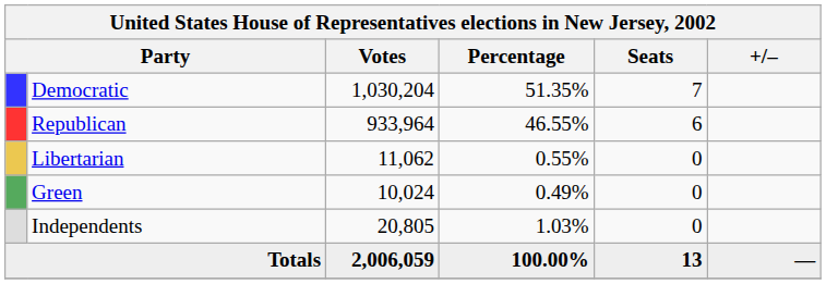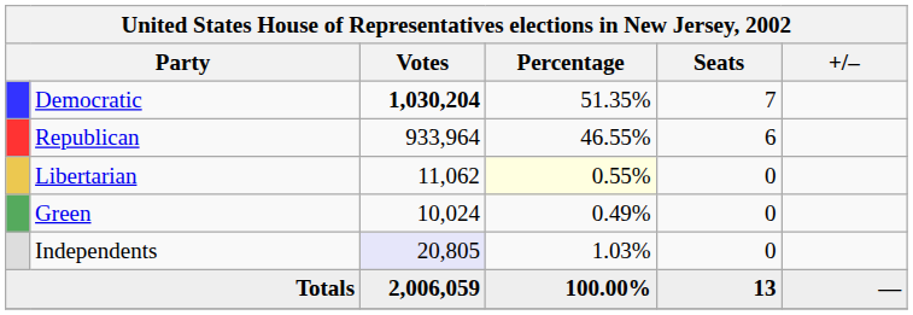 <table class="wikitable" style="font-size: 95%;">
 <tr>
 <th colspan="6">United States House of Representatives elections in New Jersey, 2002</th>
 </tr>
 <tr>
 <th colspan=2 style="width: 15em">Party</th>
 <th style="width: 5em">Votes</th>
 <th style="width: 7em">Percentage</th>
 <th style="width: 5em">Seats</th>
 <th style="width: 5em">+/–</th>
 </tr>
 <tr>
 <th style="background-color:#3333FF; width: 3px"></th>
 <td style="width: 130px"><a href='#'>Democratic</a></td>
-<td align="right">1,030,204</td>
+<td align="right"><strong>1,030,204</strong></td>
 <td align="right">51.35%</td>
 <td align="right">7</td>
 <td align="right"></td>
 </tr>
 <tr>
 <th style="background-color:#FF3333; width: 3px"></th>
 <td style="width: 130px"><a href='#'>Republican</a></td>
 <td align="right">933,964</td>
 <td align="right">46.55%</td>
 <td align="right">6</td>
 <td align="right"></td>
 </tr>
 <tr>
 <th style="background-color:#ecC850; width: 3px"></th>
 <td style="width: 130px"><a href='#'>Libertarian</a></td>
 <td align="right">11,062</td>
-<td align="right">0.55%</td>
+<td align="right" style="background: lightyellow;">0.55%</td>
 <td align="right">0</td>
 <td align="right"></td>
 </tr>
 <tr>
 <th style="background-color:#55AA5d; width: 3px"></th>
 <td style="width: 130px"><a href='#'>Green</a></td>
 <td align="right">10,024</td>
 <td align="right">0.49%</td>
 <td align="right">0</td>
 <td align="right"></td>
 </tr>
 <tr>
 <th style="background-color:#DDDDDD; width: 3px"></th>
 <td style="width: 130px">Independents</td>
-<td align="right">20,805</td>
+<td align="right" style="background: lavender;">20,805</td>
 <td align="right">1.03%</td>
 <td align="right">0</td>
 <td align="right"></td>
 </tr>
 <tr bgcolor="#EEEEEE">
 <td colspan="2" align="right"><strong>Totals</strong></td>
 <td align="right"><strong>2,006,059</strong></td>
 <td align="right"><strong>100.00%</strong></td>
 <td align="right"><strong>13</strong></td>
 <td align="right"><strong>—</strong></td>
 </tr>
 <tr bgcolor="#EEEEEE">
 </tr>
 </table>
